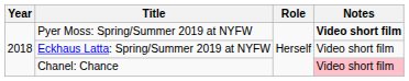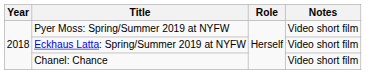 <table class="wikitable">
 <tr>
 <th>Year</th>
 <th>Title</th>
 <th>Role</th>
 <th>Notes</th>
 </tr>
 <tr>
 <td rowspan="3">2018</td>
 <td>Pyer Moss: Spring/Summer 2019 at NYFW</td>
 <td rowspan="3">Herself</td>
-<td><strong>Video short film</strong></td>
+<td>Video short film</td>
 </tr>
 <tr>
 <td><a href='#'>Eckhaus Latta</a>: Spring/Summer 2019 at NYFW</td>
 <td>Video short film</td>
 </tr>
 <tr>
 <td>Chanel: Chance</td>
-<td style="background: pink;">Video short film</td>
+<td>Video short film</td>
 </tr>
 </table>
